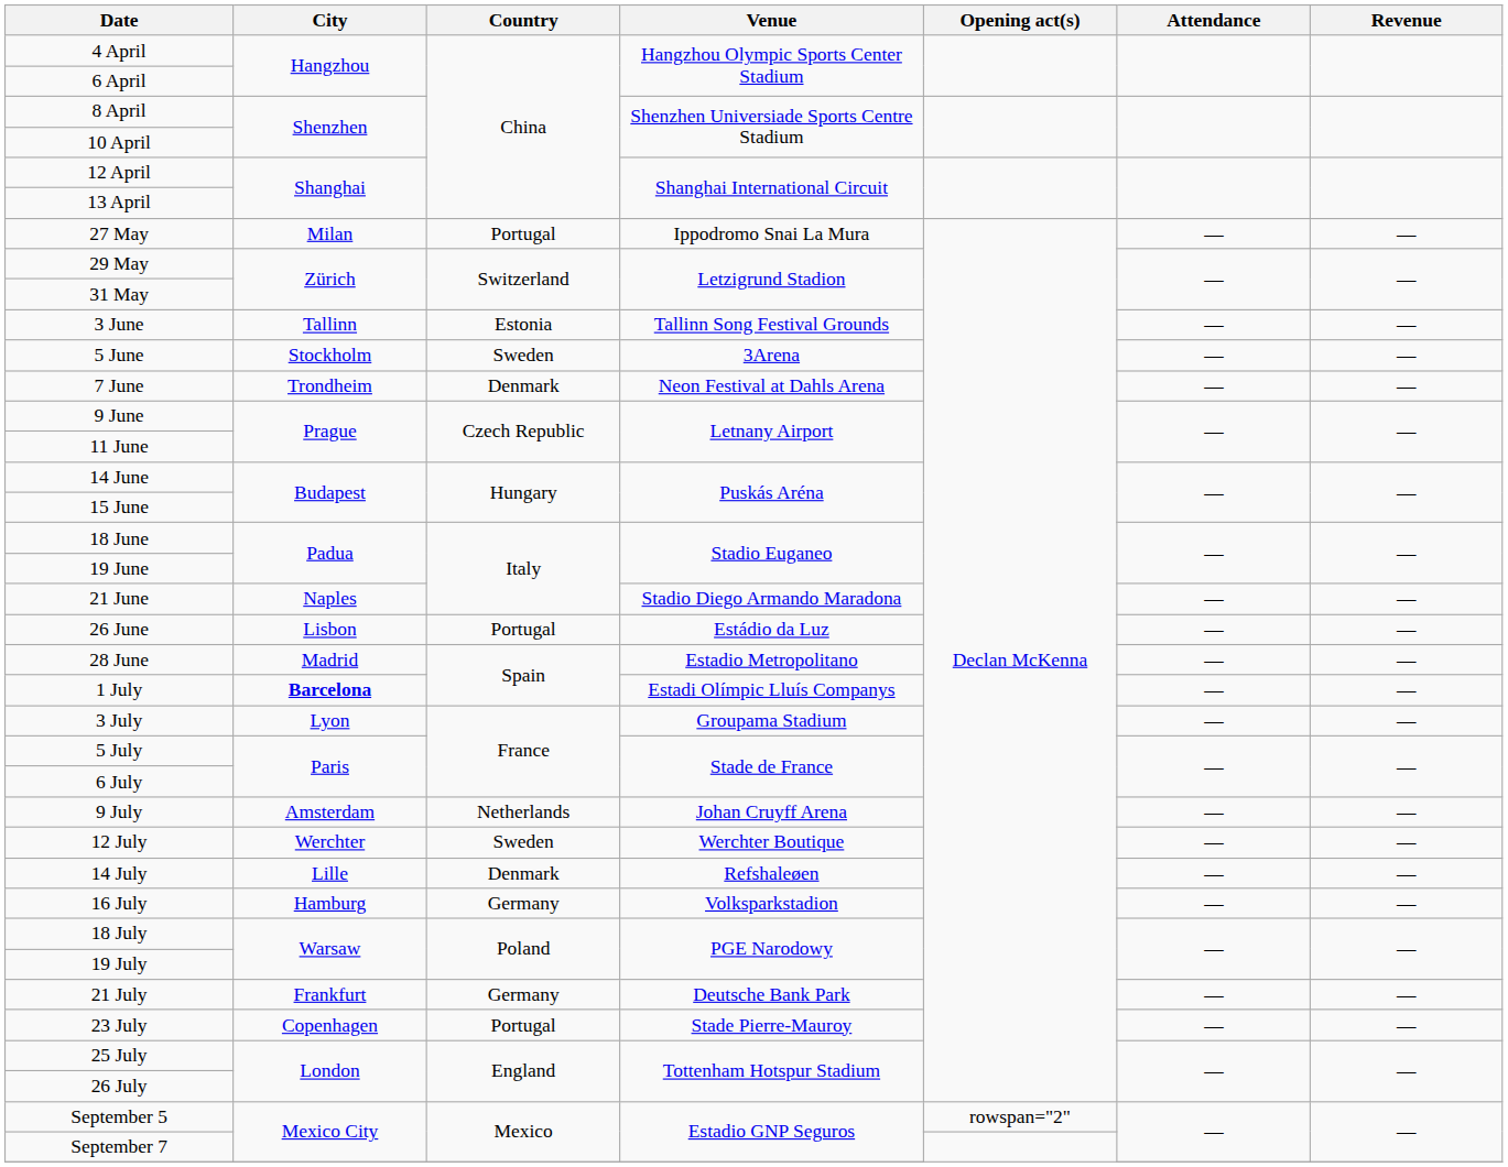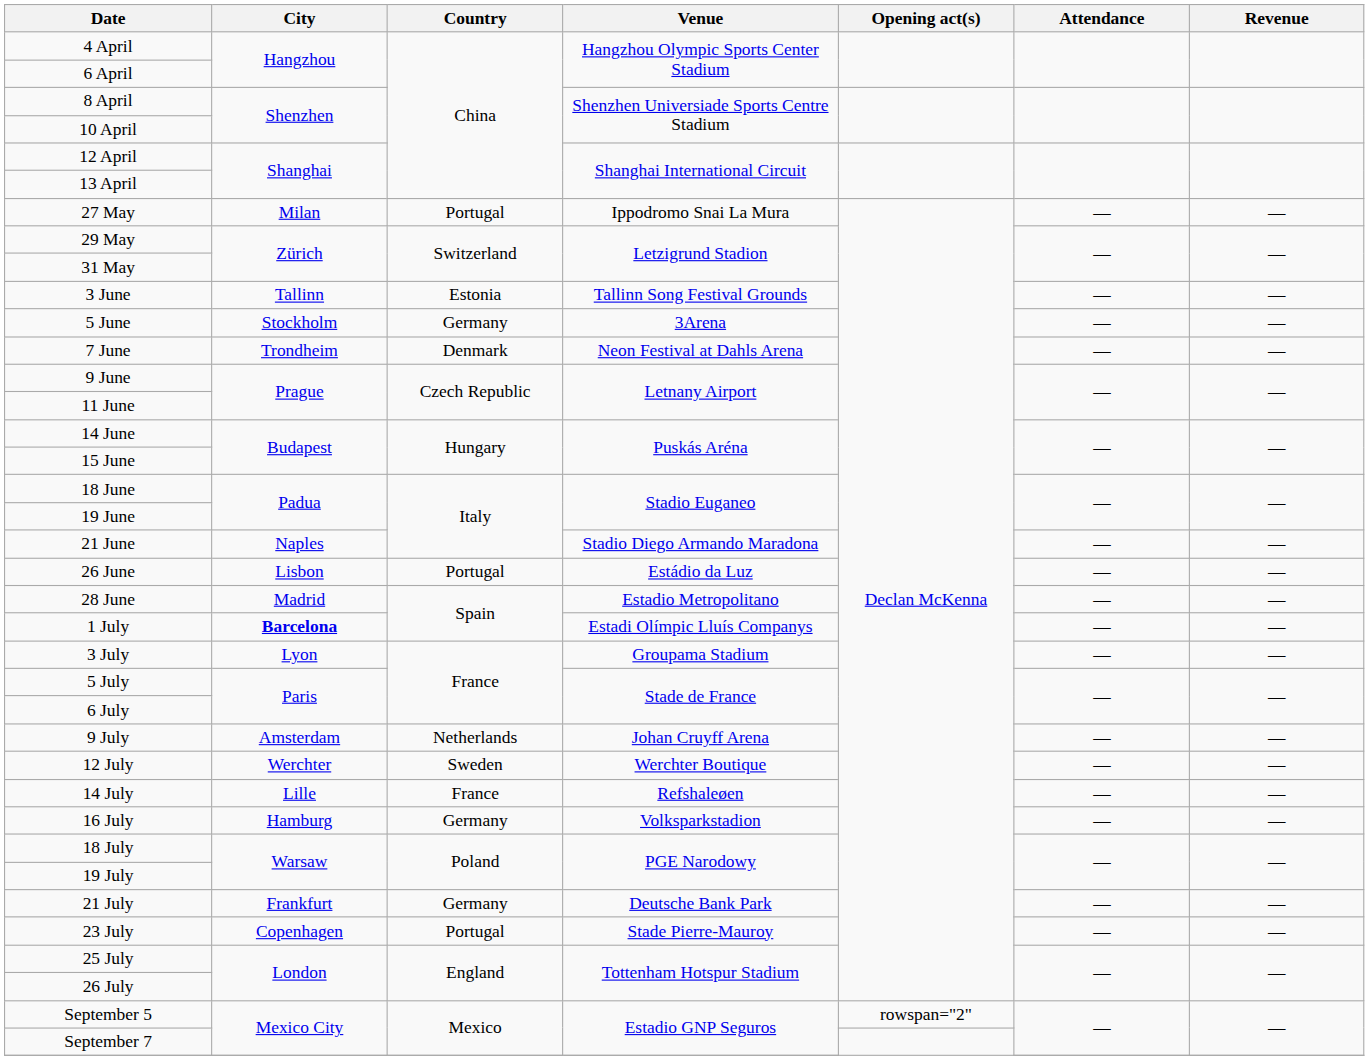 <table class="wikitable" style="text-align:center;">
 <tr>
 <th scope="col" style="width:12em;">Date</th>
 <th scope="col" style="width:10em;">City</th>
 <th scope="col" style="width:10em;">Country</th>
 <th scope="col" style="width:16em;">Venue</th>
 <th scope="col" style="width:10em;">Opening act(s)</th>
 <th scope="col" style="width:10em;">Attendance</th>
 <th scope="col" style="width:10em;">Revenue</th>
 </tr>
 <tr>
 <td>4 April</td>
 <td rowspan=2><a href='#'>Hangzhou</a></td>
 <td rowspan=6>China</td>
 <td rowspan=2><a href='#'>Hangzhou Olympic Sports Center Stadium</a></td>
 <td rowspan=2></td>
 <td rowspan=2></td>
 </tr>
 <tr>
 <td>6 April</td>
 </tr>
 <tr>
 <td>8 April</td>
 <td rowspan=2><a href='#'>Shenzhen</a></td>
 <td rowspan=2><a href='#'>Shenzhen Universiade Sports Centre</a> Stadium</td>
 <td rowspan=2></td>
 <td rowspan=2></td>
 <td rowspan=2></td>
 </tr>
 <tr>
 <td>10 April</td>
 </tr>
 <tr>
 <td>12 April</td>
 <td rowspan=2><a href='#'>Shanghai</a></td>
 <td rowspan=2><a href='#'>Shanghai International Circuit</a></td>
 <td rowspan=2></td>
 <td rowspan=2></td>
 <td rowspan=2></td>
 </tr>
 <tr>
 <td>13 April</td>
 </tr>
 <tr>
 <td>27 May</td>
 <td><a href='#'>Milan</a></td>
 <td>Portugal</td>
 <td>Ippodromo Snai La Mura</td>
 <td rowspan="29"><a href='#'>Declan McKenna</a></td>
 <td>—</td>
 <td>—</td>
 </tr>
 <tr>
 <td>29 May</td>
 <td rowspan="2"><a href='#'>Zürich</a></td>
 <td rowspan="2">Switzerland</td>
 <td rowspan="2"><a href='#'>Letzigrund Stadion</a></td>
 <td rowspan="2">—</td>
 <td rowspan="2">—</td>
 </tr>
 <tr>
 <td>31 May</td>
 </tr>
 <tr>
 <td>3 June</td>
 <td><a href='#'>Tallinn</a></td>
 <td>Estonia</td>
 <td><a href='#'>Tallinn Song Festival Grounds</a></td>
 <td>—</td>
 <td>—</td>
 </tr>
 <tr>
 <td>5 June</td>
 <td><a href='#'>Stockholm</a></td>
-<td>Sweden</td>
+<td>Germany</td>
 <td><a href='#'>3Arena</a></td>
 <td>—</td>
 <td>—</td>
 </tr>
 <tr>
 <td>7 June</td>
 <td><a href='#'>Trondheim</a></td>
 <td>Denmark</td>
 <td><a href='#'>Neon Festival at Dahls Arena</a></td>
 <td>—</td>
 <td>—</td>
 </tr>
 <tr>
 <td>9 June</td>
 <td rowspan="2"><a href='#'>Prague</a></td>
 <td rowspan="2">Czech Republic</td>
 <td rowspan="2"><a href='#'>Letnany Airport</a></td>
 <td rowspan="2">—</td>
 <td rowspan="2">—</td>
 </tr>
 <tr>
 <td>11 June</td>
 </tr>
 <tr>
 <td>14 June</td>
 <td rowspan="2"><a href='#'>Budapest</a></td>
 <td rowspan="2">Hungary</td>
 <td rowspan="2"><a href='#'>Puskás Aréna</a></td>
 <td rowspan="2">—</td>
 <td rowspan="2">—</td>
 </tr>
 <tr>
 <td>15 June</td>
 </tr>
 <tr>
 <td>18 June</td>
 <td rowspan="2"><a href='#'>Padua</a></td>
 <td rowspan="3">Italy</td>
 <td rowspan="2"><a href='#'>Stadio Euganeo</a></td>
 <td rowspan="2">—</td>
 <td rowspan="2">—</td>
 </tr>
 <tr>
 <td>19 June</td>
 </tr>
 <tr>
 <td>21 June</td>
 <td><a href='#'>Naples</a></td>
 <td><a href='#'>Stadio Diego Armando Maradona</a></td>
 <td>—</td>
 <td>—</td>
 </tr>
 <tr>
 <td>26 June</td>
 <td><a href='#'>Lisbon</a></td>
 <td>Portugal</td>
 <td><a href='#'>Estádio da Luz</a></td>
 <td>—</td>
 <td>—</td>
 </tr>
 <tr>
 <td>28 June</td>
 <td><a href='#'>Madrid</a></td>
 <td rowspan="2">Spain</td>
 <td><a href='#'>Estadio Metropolitano</a></td>
 <td>—</td>
 <td>—</td>
 </tr>
 <tr>
 <td>1 July</td>
 <td><strong><a href='#'>Barcelona</a></strong></td>
 <td><a href='#'>Estadi Olímpic Lluís Companys</a></td>
 <td>—</td>
 <td>—</td>
 </tr>
 <tr>
 <td>3 July</td>
 <td><a href='#'>Lyon</a></td>
 <td rowspan="3">France</td>
 <td><a href='#'>Groupama Stadium</a></td>
 <td>—</td>
 <td>—</td>
 </tr>
 <tr>
 <td>5 July</td>
 <td rowspan="2"><a href='#'>Paris</a></td>
 <td rowspan="2"><a href='#'>Stade de France</a></td>
 <td rowspan="2">—</td>
 <td rowspan="2">—</td>
 </tr>
 <tr>
 <td>6 July</td>
 </tr>
 <tr>
 <td>9 July</td>
 <td><a href='#'>Amsterdam</a></td>
 <td>Netherlands</td>
 <td><a href='#'>Johan Cruyff Arena</a></td>
 <td>—</td>
 <td>—</td>
 </tr>
 <tr>
 <td>12 July</td>
 <td><a href='#'>Werchter</a></td>
 <td>Sweden</td>
 <td><a href='#'>Werchter Boutique</a></td>
 <td>—</td>
 <td>—</td>
 </tr>
 <tr>
 <td>14 July</td>
 <td><a href='#'>Lille</a></td>
-<td>Denmark</td>
+<td>France</td>
 <td><a href='#'>Refshaleøen</a></td>
 <td>—</td>
 <td>—</td>
 </tr>
 <tr>
 <td>16 July</td>
 <td><a href='#'>Hamburg</a></td>
 <td>Germany</td>
 <td><a href='#'>Volksparkstadion</a></td>
 <td>—</td>
 <td>—</td>
 </tr>
 <tr>
 <td>18 July</td>
 <td rowspan="2"><a href='#'>Warsaw</a></td>
 <td rowspan="2">Poland</td>
 <td rowspan="2"><a href='#'>PGE Narodowy</a></td>
 <td rowspan="2">—</td>
 <td rowspan="2">—</td>
 </tr>
 <tr>
 <td>19 July</td>
 </tr>
 <tr>
 <td>21 July</td>
 <td><a href='#'>Frankfurt</a></td>
 <td>Germany</td>
 <td><a href='#'>Deutsche Bank Park</a></td>
 <td>—</td>
 <td>—</td>
 </tr>
 <tr>
 <td>23 July</td>
 <td><a href='#'>Copenhagen</a></td>
 <td>Portugal</td>
 <td><a href='#'>Stade Pierre-Mauroy</a></td>
 <td>—</td>
 <td>—</td>
 </tr>
 <tr>
 <td>25 July</td>
 <td rowspan="2"><a href='#'>London</a></td>
 <td rowspan="2">England</td>
 <td rowspan="2"><a href='#'>Tottenham Hotspur Stadium</a></td>
 <td rowspan="2">—</td>
 <td rowspan="2">—</td>
 </tr>
 <tr>
 <td>26 July</td>
 </tr>
 <tr>
 <td>September 5</td>
 <td rowspan="2"><a href='#'>Mexico City</a></td>
 <td rowspan="2">Mexico</td>
 <td rowspan="2"><a href='#'>Estadio GNP Seguros</a></td>
 <td>rowspan="2" </td>
 <td rowspan="2">—</td>
 <td rowspan="2">—</td>
 </tr>
 <tr>
 <td>September 7</td>
 </tr>
 <tr>
 </tr>
 </table>
